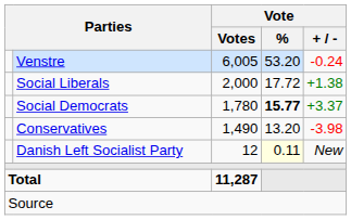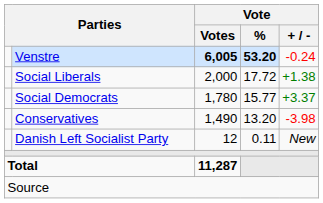 <table class="wikitable" style="text-align:right;">
 <tr>
 <th style="text-align:centre;" rowspan="2" colspan="2" width="225">Parties</th>
 <th colspan="3">Vote</th>
 </tr>
 <tr>
 <th width="15">Votes</th>
 <th width="15">%</th>
 <th width="15">+ / -</th>
 </tr>
 <tr>
 <td width="2" style="color:inherit;background:"></td>
 <td bgcolor=#cfe5fe  align="left"><a href='#'>Venstre</a></td>
-<td bgcolor=#cfe5fe>6,005</td>
-<td bgcolor=#cfe5fe>53.20</td>
+<td bgcolor=#cfe5fe><strong>6,005</strong></td>
+<td bgcolor=#cfe5fe><strong>53.20</strong></td>
 <td style=color:red;>-0.24</td>
 </tr>
 <tr>
 <td width="2" style="color:inherit;background:"></td>
 <td align="left"><a href='#'>Social Liberals</a></td>
 <td>2,000</td>
 <td>17.72</td>
 <td style=color:green;>+1.38</td>
 </tr>
 <tr>
 <td width="2" style="color:inherit;background:"></td>
 <td align="left"><a href='#'>Social Democrats</a></td>
 <td>1,780</td>
-<td><strong>15.77</strong></td>
+<td>15.77</td>
 <td style=color:green;>+3.37</td>
 </tr>
 <tr>
 <td width="2" style="color:inherit;background:"></td>
 <td align="left"><a href='#'>Conservatives</a></td>
 <td>1,490</td>
 <td>13.20</td>
 <td style=color:red;>-3.98</td>
 </tr>
 <tr>
 <td width="2" style="color:inherit;background:"></td>
 <td align="left"><a href='#'>Danish Left Socialist Party</a></td>
 <td>12</td>
-<td style="background: lightyellow;">0.11</td>
+<td>0.11</td>
 <td><em>New</em></td>
 </tr>
 <tr>
 <td colspan="7" bgcolor="#E9E9E9"></td>
 </tr>
 <tr>
 <td align="left" colspan="2"><strong>Total</strong></td>
 <td><strong>11,287</strong></td>
 <td bgcolor="#E9E9E9" colspan="2"></td>
 </tr>
 <tr>
 <td align="left" colspan="6">Source</td>
 </tr>
 </table>
